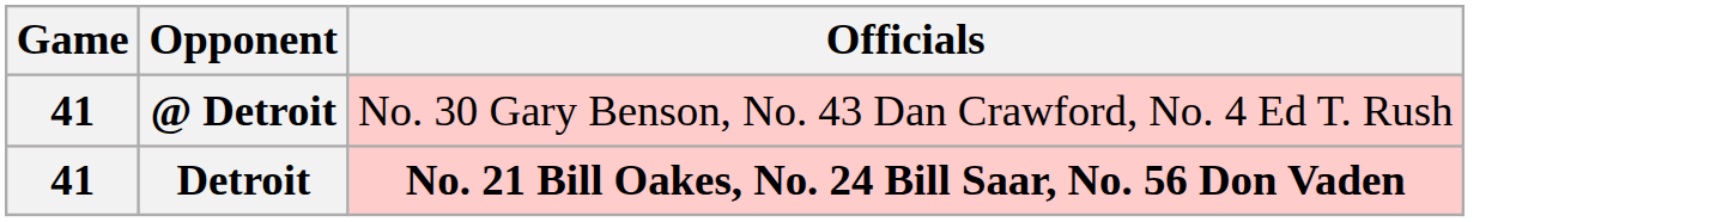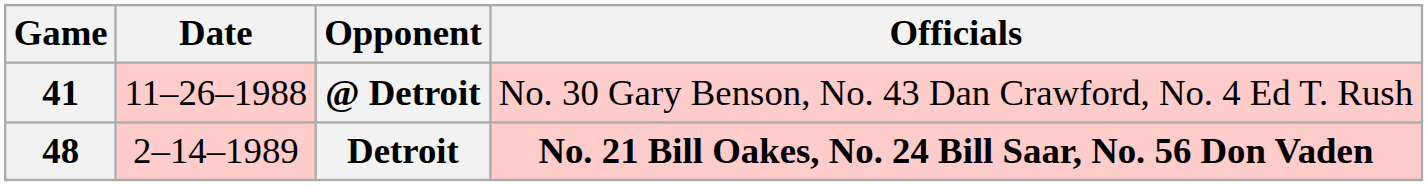 <table class="wikitable">
 <tr>
 <th>Game</th>
+<th>Date</th>
 <th>Opponent</th>
 <th>Officials</th>
 </tr>
 <tr align="center" bgcolor="#ffcccc">
 <th>41</th>
+<td>11–26–1988</td>
 <th>@ Detroit</th>
 <td>No. 30 Gary Benson, No. 43 Dan Crawford, No. 4 Ed T. Rush</td>
 </tr>
 <tr align="center" bgcolor="#ffcccc">
-<th>41</th>
+<th>48</th>
+<td>2–14–1989</td>
 <th>Detroit</th>
 <td><strong>No. 21 Bill Oakes, No. 24 Bill Saar, No. 56 Don Vaden</strong></td>
 </tr>
 </table>
